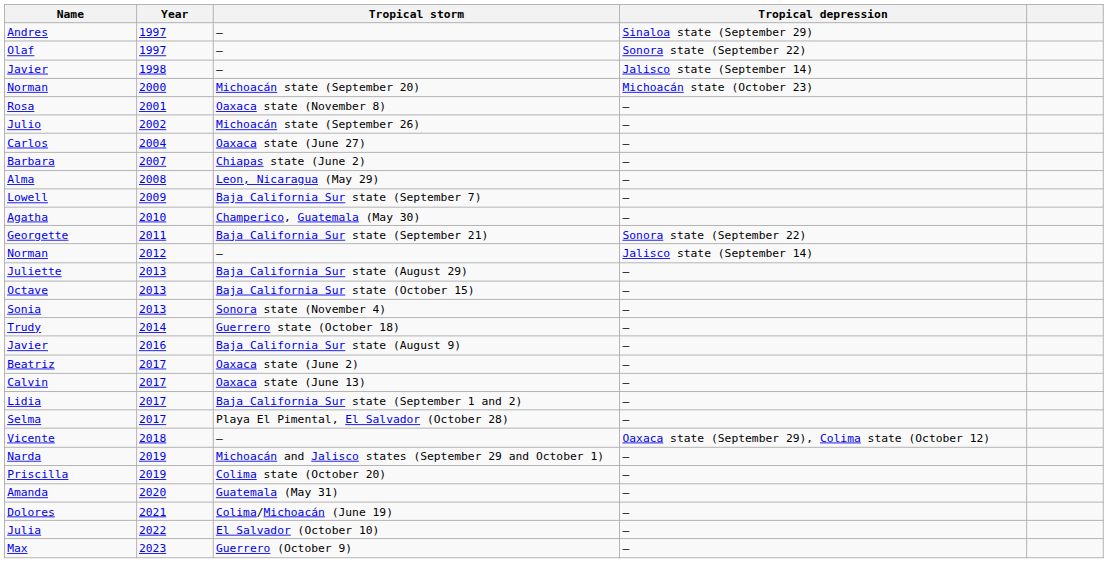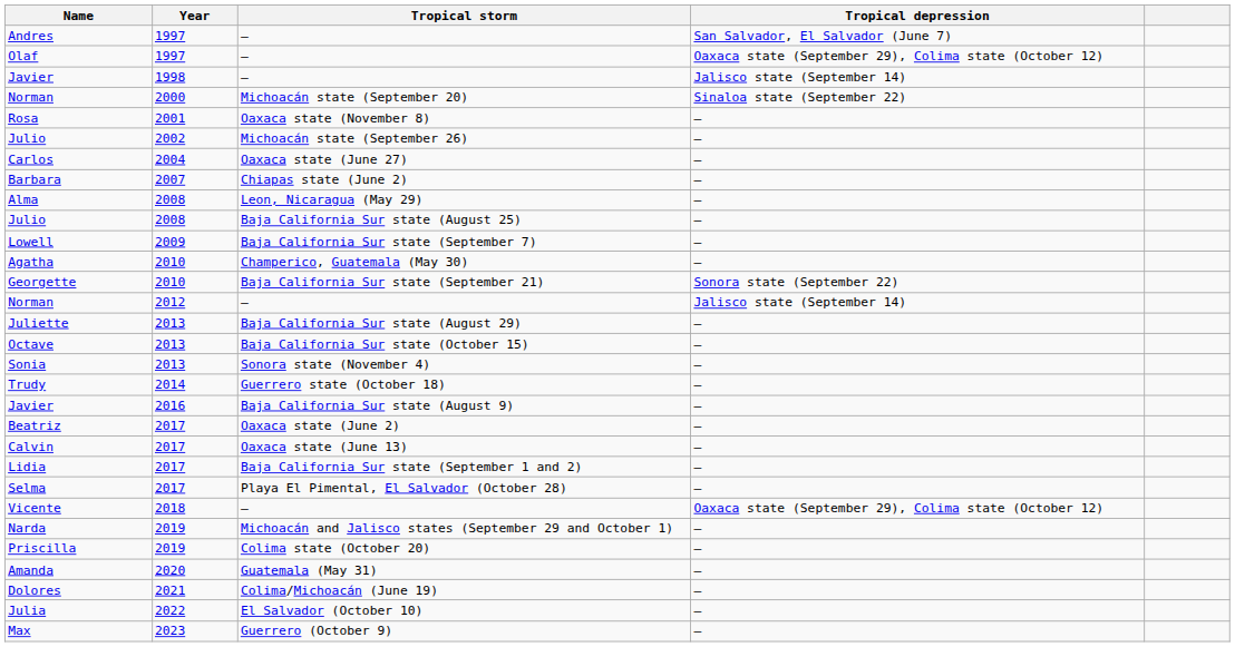 <table class="wikitable sortable" width="100%">
 <tr>
 <th scope="col" width="12%">Name</th>
 <th scope="col" width="7%">Year</th>
 <th scope="col" width="37%" style="background: #">Tropical storm</th>
 <th scope="col" width="37%" style="background: #">Tropical depression</th>
 <th scope="col" width="7%" class="unsortable"></th>
 </tr>
 <tr>
 <td><a href='#'>Andres</a></td>
 <td><a href='#'>1997</a></td>
 <td>–</td>
-<td><a href='#'>Sinaloa</a> state (September 29)</td>
+<td><a href='#'>San Salvador</a>, <a href='#'>El Salvador</a> (June 7)</td>
 <td></td>
 </tr>
 <tr>
 <td><a href='#'>Olaf</a></td>
 <td><a href='#'>1997</a></td>
 <td>–</td>
-<td><a href='#'>Sonora</a> state (September 22)</td>
+<td><a href='#'>Oaxaca</a> state (September 29), <a href='#'>Colima</a> state (October 12)</td>
 <td></td>
 </tr>
 <tr>
 <td><a href='#'>Javier</a></td>
 <td><a href='#'>1998</a></td>
 <td>–</td>
 <td><a href='#'>Jalisco</a> state (September 14)</td>
 <td></td>
 </tr>
 <tr>
 <td><a href='#'>Norman</a></td>
 <td><a href='#'>2000</a></td>
 <td><a href='#'>Michoacán</a> state (September 20)</td>
-<td><a href='#'>Michoacán</a> state (October 23)</td>
+<td><a href='#'>Sinaloa</a> state (September 22)</td>
 <td></td>
 </tr>
 <tr>
 <td><a href='#'>Rosa</a></td>
 <td><a href='#'>2001</a></td>
 <td><a href='#'>Oaxaca</a> state (November 8)</td>
 <td>–</td>
 <td></td>
 </tr>
 <tr>
 <td><a href='#'>Julio</a></td>
 <td><a href='#'>2002</a></td>
 <td><a href='#'>Michoacán</a> state (September 26)</td>
 <td>–</td>
 <td></td>
 </tr>
 <tr>
 <td><a href='#'>Carlos</a></td>
 <td><a href='#'>2004</a></td>
 <td><a href='#'>Oaxaca</a> state (June 27)</td>
 <td>–</td>
 <td></td>
 </tr>
 <tr>
 <td><a href='#'>Barbara</a></td>
 <td><a href='#'>2007</a></td>
 <td><a href='#'>Chiapas</a> state (June 2)</td>
 <td>–</td>
 <td></td>
 </tr>
 <tr>
 <td><a href='#'>Alma</a></td>
 <td><a href='#'>2008</a></td>
 <td><a href='#'>Leon, Nicaragua</a> (May 29)</td>
 <td>–</td>
 <td></td>
 </tr>
 <tr>
+<td><a href='#'>Julio</a></td>
+<td><a href='#'>2008</a></td>
+<td><a href='#'>Baja California Sur</a> state (August 25)</td>
+<td>–</td>
+<td></td>
+</tr>
+<tr>
 <td><a href='#'>Lowell</a></td>
 <td><a href='#'>2009</a></td>
 <td><a href='#'>Baja California Sur</a> state (September 7)</td>
 <td>–</td>
 <td></td>
 </tr>
 <tr>
 <td><a href='#'>Agatha</a></td>
 <td><a href='#'>2010</a></td>
 <td><a href='#'>Champerico</a>, <a href='#'>Guatemala</a> (May 30)</td>
 <td>–</td>
 <td></td>
 </tr>
 <tr>
 <td><a href='#'>Georgette</a></td>
-<td><a href='#'>2011</a></td>
+<td><a href='#'>2010</a></td>
 <td><a href='#'>Baja California Sur</a> state (September 21)</td>
 <td><a href='#'>Sonora</a> state (September 22)</td>
 <td></td>
 </tr>
 <tr>
 <td><a href='#'>Norman</a></td>
 <td><a href='#'>2012</a></td>
 <td>–</td>
 <td><a href='#'>Jalisco</a> state (September 14)</td>
 <td></td>
 </tr>
 <tr>
 <td><a href='#'>Juliette</a></td>
 <td><a href='#'>2013</a></td>
 <td><a href='#'>Baja California Sur</a> state (August 29)</td>
 <td>–</td>
 <td></td>
 </tr>
 <tr>
 <td><a href='#'>Octave</a></td>
 <td><a href='#'>2013</a></td>
 <td><a href='#'>Baja California Sur</a> state (October 15)</td>
 <td>–</td>
 <td></td>
 </tr>
 <tr>
 <td><a href='#'>Sonia</a></td>
 <td><a href='#'>2013</a></td>
 <td><a href='#'>Sonora</a> state (November 4)</td>
 <td>–</td>
 <td></td>
 </tr>
 <tr>
 <td><a href='#'>Trudy</a></td>
 <td><a href='#'>2014</a></td>
 <td><a href='#'>Guerrero</a> state (October 18)</td>
 <td>–</td>
 <td></td>
 </tr>
 <tr>
 <td><a href='#'>Javier</a></td>
 <td><a href='#'>2016</a></td>
 <td><a href='#'>Baja California Sur</a> state (August 9)</td>
 <td>–</td>
 <td></td>
 </tr>
 <tr>
 <td><a href='#'>Beatriz</a></td>
 <td><a href='#'>2017</a></td>
 <td><a href='#'>Oaxaca</a> state (June 2)</td>
 <td>–</td>
 <td></td>
 </tr>
 <tr>
 <td><a href='#'>Calvin</a></td>
 <td><a href='#'>2017</a></td>
 <td><a href='#'>Oaxaca</a> state (June 13)</td>
 <td>–</td>
 <td></td>
 </tr>
 <tr>
 <td><a href='#'>Lidia</a></td>
 <td><a href='#'>2017</a></td>
 <td><a href='#'>Baja California Sur</a> state (September 1 and 2)</td>
 <td>–</td>
 <td></td>
 </tr>
 <tr>
 <td><a href='#'>Selma</a></td>
 <td><a href='#'>2017</a></td>
 <td>Playa El Pimental, <a href='#'>El Salvador</a> (October 28)</td>
 <td>–</td>
 <td></td>
 </tr>
 <tr>
 <td><a href='#'>Vicente</a></td>
 <td><a href='#'>2018</a></td>
 <td>–</td>
 <td><a href='#'>Oaxaca</a> state (September 29), <a href='#'>Colima</a> state (October 12)</td>
 <td></td>
 </tr>
 <tr>
 <td><a href='#'>Narda</a></td>
 <td><a href='#'>2019</a></td>
 <td><a href='#'>Michoacán</a> and <a href='#'>Jalisco</a> states (September 29 and October 1)</td>
 <td>–</td>
 <td></td>
 </tr>
 <tr>
 <td><a href='#'>Priscilla</a></td>
 <td><a href='#'>2019</a></td>
 <td><a href='#'>Colima</a> state (October 20)</td>
 <td>–</td>
 <td></td>
 </tr>
 <tr>
 <td><a href='#'>Amanda</a></td>
 <td><a href='#'>2020</a></td>
 <td><a href='#'>Guatemala</a> (May 31)</td>
 <td>–</td>
 <td></td>
 </tr>
 <tr>
 <td><a href='#'>Dolores</a></td>
 <td><a href='#'>2021</a></td>
 <td><a href='#'>Colima</a>/<a href='#'>Michoacán</a> (June 19)</td>
 <td>–</td>
 <td></td>
 </tr>
 <tr>
 <td><a href='#'>Julia</a></td>
 <td><a href='#'>2022</a></td>
 <td><a href='#'>El Salvador</a> (October 10)</td>
 <td>–</td>
 <td></td>
 </tr>
 <tr>
 <td><a href='#'>Max</a></td>
 <td><a href='#'>2023</a></td>
 <td><a href='#'>Guerrero</a> (October 9)</td>
 <td>–</td>
 <td></td>
 </tr>
 </table>
